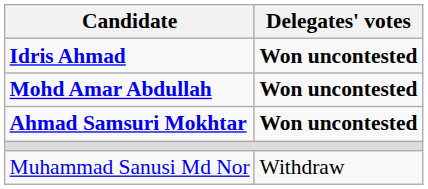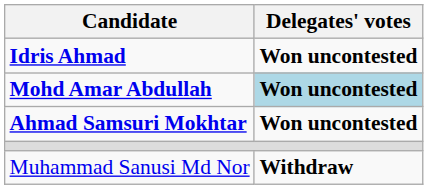 <table class="wikitable">
 <tr>
 <th>Candidate</th>
 <th>Delegates' votes</th>
 </tr>
 <tr>
 <td><strong><a href='#'>Idris Ahmad</a></strong></td>
 <td colspan="1"><strong>Won uncontested</strong></td>
 </tr>
 <tr>
 <td><strong><a href='#'>Mohd Amar Abdullah</a></strong></td>
-<td colspan="1"><strong>Won uncontested</strong></td>
+<td colspan="1" style="background: lightblue;"><strong>Won uncontested</strong></td>
 </tr>
 <tr>
 <td><strong><a href='#'>Ahmad Samsuri Mokhtar</a></strong></td>
 <td colspan="1"><strong>Won uncontested</strong></td>
 </tr>
 <tr>
 <td colspan="3" bgcolor="dcdcdc"></td>
 </tr>
 <tr>
 <td><a href='#'>Muhammad Sanusi Md Nor</a></td>
-<td colspan="1">Withdraw</td>
+<td colspan="1"><strong>Withdraw</strong></td>
 </tr>
 </table>
